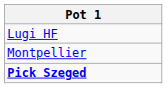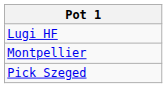 <table class="wikitable">
 <tr>
 <th width=165>Pot 1</th>
 </tr>
 <tr>
 <td> <a href='#'>Lugi HF</a></td>
 </tr>
 <tr>
 <td> <a href='#'>Montpellier</a></td>
 </tr>
 <tr>
-<td><strong> <a href='#'>Pick Szeged</a></strong></td>
+<td> <a href='#'>Pick Szeged</a></td>
 </tr>
 </table>
